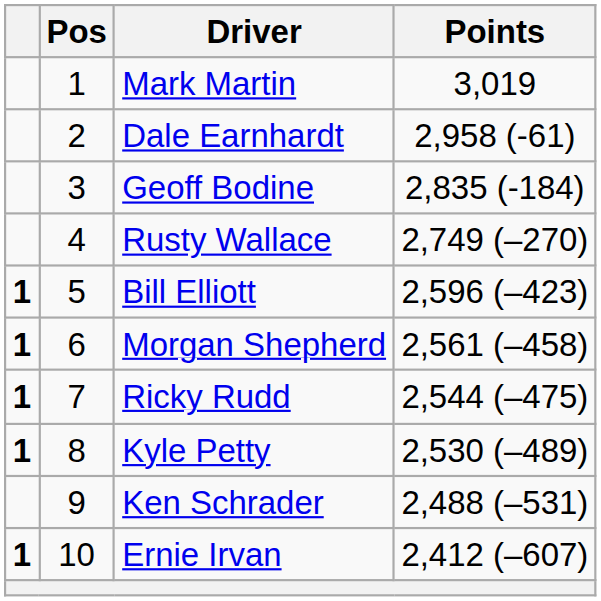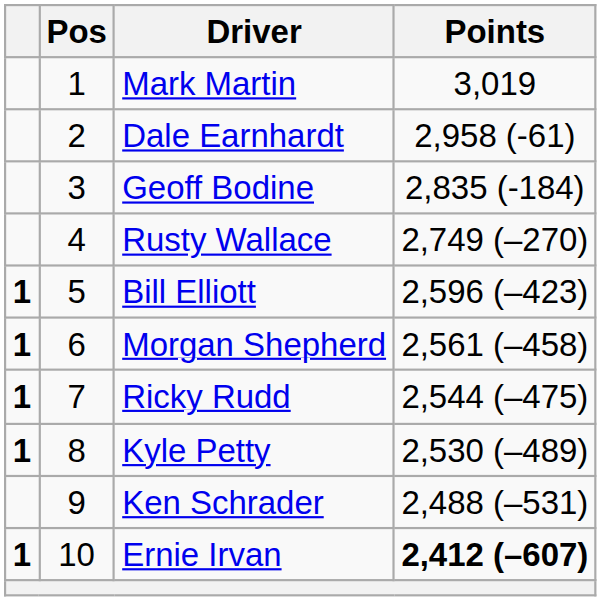 <table class="wikitable" style="font-size: 95%;">
 <tr>
 <th></th>
 <th>Pos</th>
 <th>Driver</th>
 <th>Points</th>
 </tr>
 <tr>
 <td align="left"></td>
 <td style="text-align:center;">1</td>
 <td><a href='#'>Mark Martin</a></td>
 <td style="text-align:center;">3,019</td>
 </tr>
 <tr>
 <td align="left"></td>
 <td style="text-align:center;">2</td>
 <td><a href='#'>Dale Earnhardt</a></td>
 <td style="text-align:center;">2,958 (-61)</td>
 </tr>
 <tr>
 <td align="left"></td>
 <td style="text-align:center;">3</td>
 <td><a href='#'>Geoff Bodine</a></td>
 <td style="text-align:center;">2,835 (-184)</td>
 </tr>
 <tr>
 <td align="left"></td>
 <td style="text-align:center;">4</td>
 <td><a href='#'>Rusty Wallace</a></td>
 <td style="text-align:center;">2,749 (–270)</td>
 </tr>
 <tr>
 <td align="left">  <strong>1</strong></td>
 <td style="text-align:center;">5</td>
 <td><a href='#'>Bill Elliott</a></td>
 <td style="text-align:center;">2,596 (–423)</td>
 </tr>
 <tr>
 <td align="left">  <strong>1</strong></td>
 <td style="text-align:center;">6</td>
 <td><a href='#'>Morgan Shepherd</a></td>
 <td style="text-align:center;">2,561 (–458)</td>
 </tr>
 <tr>
 <td align="left">  <strong>1</strong></td>
 <td style="text-align:center;">7</td>
 <td><a href='#'>Ricky Rudd</a></td>
 <td style="text-align:center;">2,544 (–475)</td>
 </tr>
 <tr>
 <td align="left">  <strong>1</strong></td>
 <td style="text-align:center;">8</td>
 <td><a href='#'>Kyle Petty</a></td>
 <td style="text-align:center;">2,530 (–489)</td>
 </tr>
 <tr>
 <td align="left"></td>
 <td style="text-align:center;">9</td>
 <td><a href='#'>Ken Schrader</a></td>
 <td style="text-align:center;">2,488 (–531)</td>
 </tr>
 <tr>
 <td align="left">  <strong>1</strong></td>
 <td style="text-align:center;">10</td>
 <td><a href='#'>Ernie Irvan</a></td>
-<td style="text-align:center;">2,412 (–607)</td>
+<td style="text-align:center;"><strong>2,412 (–607)</strong></td>
 </tr>
 <tr class="sortbottom">
 <th colspan="9"></th>
 </tr>
 </table>
